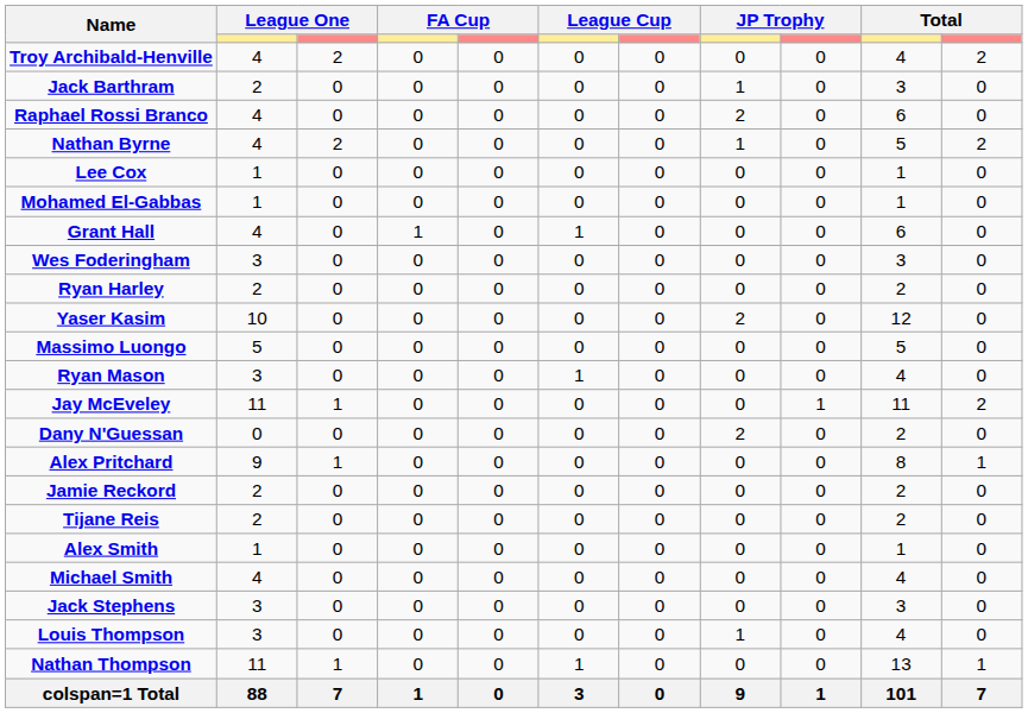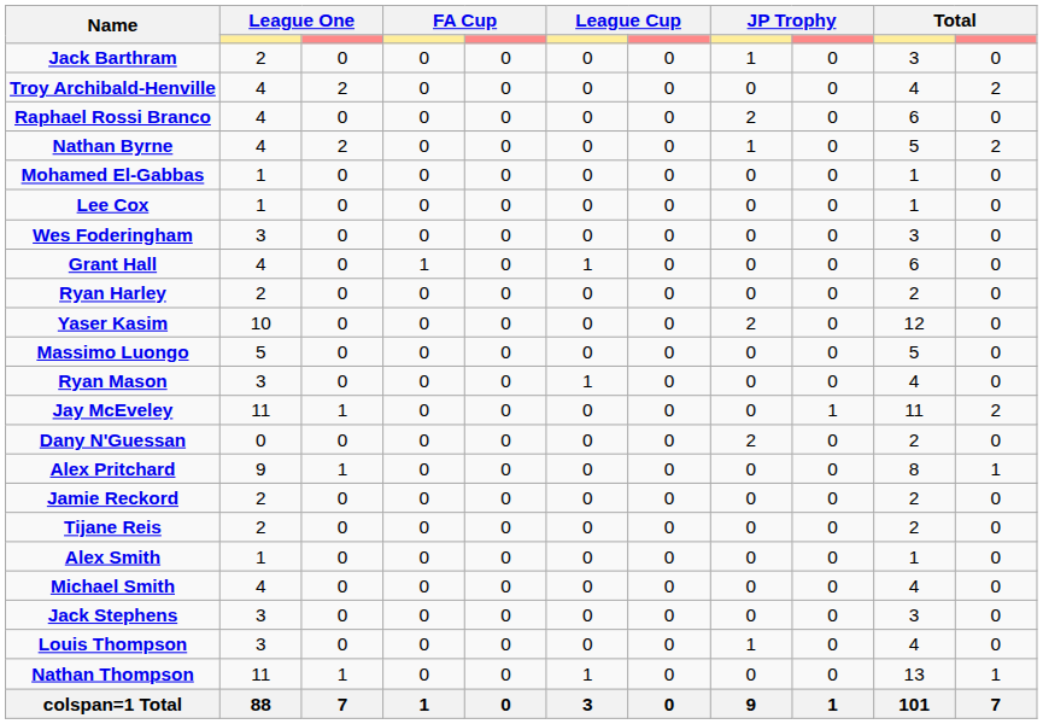 <table class="wikitable" style="font-size: 95%; text-align: center;">
 <tr>
 <th rowspan=2>Name</th>
 <th colspan=2><a href='#'>League One</a></th>
 <th colspan=2><a href='#'>FA Cup</a></th>
 <th colspan=2><a href='#'>League Cup</a></th>
 <th colspan=2><a href='#'>JP Trophy</a></th>
 <th colspan=2>Total</th>
 </tr>
 <tr>
 <th style="width:60px; background:#fe9;"></th>
 <th style="width:60px; background:#ff8888;"></th>
 <th style="width:60px; background:#fe9;"></th>
 <th style="width:60px; background:#ff8888;"></th>
 <th style="width:60px; background:#fe9;"></th>
 <th style="width:60px; background:#ff8888;"></th>
 <th style="width:60px; background:#fe9;"></th>
 <th style="width:60px; background:#ff8888;"></th>
 <th style="width:60px; background:#fe9;"></th>
 <th style="width:60px; background:#ff8888;"></th>
 </tr>
 <tr>
+<td><strong><a href='#'>Jack Barthram</a></strong></td>
+<td>2</td>
+<td>0</td>
+<td>0</td>
+<td>0</td>
+<td>0</td>
+<td>0</td>
+<td>1</td>
+<td>0</td>
+<td>3</td>
+<td>0</td>
+</tr>
+<tr>
 <td><strong><a href='#'>Troy Archibald-Henville</a></strong></td>
 <td>4</td>
 <td>2</td>
 <td>0</td>
 <td>0</td>
 <td>0</td>
 <td>0</td>
 <td>0</td>
 <td>0</td>
 <td>4</td>
 <td>2</td>
-</tr>
-<tr>
-<td><strong><a href='#'>Jack Barthram</a></strong></td>
-<td>2</td>
-<td>0</td>
-<td>0</td>
-<td>0</td>
-<td>0</td>
-<td>0</td>
-<td>1</td>
-<td>0</td>
-<td>3</td>
-<td>0</td>
 </tr>
 <tr>
 <td><strong><a href='#'>Raphael Rossi Branco</a></strong></td>
 <td>4</td>
 <td>0</td>
 <td>0</td>
 <td>0</td>
 <td>0</td>
 <td>0</td>
 <td>2</td>
 <td>0</td>
 <td>6</td>
 <td>0</td>
 </tr>
 <tr>
 <td><strong><a href='#'>Nathan Byrne</a></strong></td>
 <td>4</td>
 <td>2</td>
 <td>0</td>
 <td>0</td>
 <td>0</td>
 <td>0</td>
 <td>1</td>
 <td>0</td>
 <td>5</td>
 <td>2</td>
 </tr>
 <tr>
+<td><strong><a href='#'>Mohamed El-Gabbas</a></strong></td>
+<td>1</td>
+<td>0</td>
+<td>0</td>
+<td>0</td>
+<td>0</td>
+<td>0</td>
+<td>0</td>
+<td>0</td>
+<td>1</td>
+<td>0</td>
+</tr>
+<tr>
 <td><strong><a href='#'>Lee Cox</a></strong></td>
 <td>1</td>
 <td>0</td>
 <td>0</td>
 <td>0</td>
 <td>0</td>
 <td>0</td>
 <td>0</td>
 <td>0</td>
 <td>1</td>
 <td>0</td>
 </tr>
 <tr>
-<td><strong><a href='#'>Mohamed El-Gabbas</a></strong></td>
-<td>1</td>
+<td><strong><a href='#'>Wes Foderingham</a></strong></td>
+<td>3</td>
 <td>0</td>
 <td>0</td>
 <td>0</td>
 <td>0</td>
 <td>0</td>
 <td>0</td>
 <td>0</td>
-<td>1</td>
+<td>3</td>
 <td>0</td>
 </tr>
 <tr>
 <td><strong><a href='#'>Grant Hall</a></strong></td>
 <td>4</td>
 <td>0</td>
 <td>1</td>
 <td>0</td>
 <td>1</td>
 <td>0</td>
 <td>0</td>
 <td>0</td>
 <td>6</td>
-<td>0</td>
-</tr>
-<tr>
-<td><strong><a href='#'>Wes Foderingham</a></strong></td>
-<td>3</td>
-<td>0</td>
-<td>0</td>
-<td>0</td>
-<td>0</td>
-<td>0</td>
-<td>0</td>
-<td>0</td>
-<td>3</td>
 <td>0</td>
 </tr>
 <tr>
 <td><strong><a href='#'>Ryan Harley</a></strong></td>
 <td>2</td>
 <td>0</td>
 <td>0</td>
 <td>0</td>
 <td>0</td>
 <td>0</td>
 <td>0</td>
 <td>0</td>
 <td>2</td>
 <td>0</td>
 </tr>
 <tr>
 <td><strong><a href='#'>Yaser Kasim</a></strong></td>
 <td>10</td>
 <td>0</td>
 <td>0</td>
 <td>0</td>
 <td>0</td>
 <td>0</td>
 <td>2</td>
 <td>0</td>
 <td>12</td>
 <td>0</td>
 </tr>
 <tr>
 <td><strong><a href='#'>Massimo Luongo</a></strong></td>
 <td>5</td>
 <td>0</td>
 <td>0</td>
 <td>0</td>
 <td>0</td>
 <td>0</td>
 <td>0</td>
 <td>0</td>
 <td>5</td>
 <td>0</td>
 </tr>
 <tr>
 <td><strong><a href='#'>Ryan Mason</a></strong></td>
 <td>3</td>
 <td>0</td>
 <td>0</td>
 <td>0</td>
 <td>1</td>
 <td>0</td>
 <td>0</td>
 <td>0</td>
 <td>4</td>
 <td>0</td>
 </tr>
 <tr>
 <td><strong><a href='#'>Jay McEveley</a></strong></td>
 <td>11</td>
 <td>1</td>
 <td>0</td>
 <td>0</td>
 <td>0</td>
 <td>0</td>
 <td>0</td>
 <td>1</td>
 <td>11</td>
 <td>2</td>
 </tr>
 <tr>
 <td><strong><a href='#'>Dany N'Guessan</a></strong></td>
 <td>0</td>
 <td>0</td>
 <td>0</td>
 <td>0</td>
 <td>0</td>
 <td>0</td>
 <td>2</td>
 <td>0</td>
 <td>2</td>
 <td>0</td>
 </tr>
 <tr>
 <td><strong><a href='#'>Alex Pritchard</a></strong></td>
 <td>9</td>
 <td>1</td>
 <td>0</td>
 <td>0</td>
 <td>0</td>
 <td>0</td>
 <td>0</td>
 <td>0</td>
 <td>8</td>
 <td>1</td>
 </tr>
 <tr>
 <td><strong><a href='#'>Jamie Reckord</a></strong></td>
 <td>2</td>
 <td>0</td>
 <td>0</td>
 <td>0</td>
 <td>0</td>
 <td>0</td>
 <td>0</td>
 <td>0</td>
 <td>2</td>
 <td>0</td>
 </tr>
 <tr>
 <td><strong><a href='#'>Tijane Reis</a></strong></td>
 <td>2</td>
 <td>0</td>
 <td>0</td>
 <td>0</td>
 <td>0</td>
 <td>0</td>
 <td>0</td>
 <td>0</td>
 <td>2</td>
 <td>0</td>
 </tr>
 <tr>
 <td><strong><a href='#'>Alex Smith</a></strong></td>
 <td>1</td>
 <td>0</td>
 <td>0</td>
 <td>0</td>
 <td>0</td>
 <td>0</td>
 <td>0</td>
 <td>0</td>
 <td>1</td>
 <td>0</td>
 </tr>
 <tr>
 <td><strong><a href='#'>Michael Smith</a></strong></td>
 <td>4</td>
 <td>0</td>
 <td>0</td>
 <td>0</td>
 <td>0</td>
 <td>0</td>
 <td>0</td>
 <td>0</td>
 <td>4</td>
 <td>0</td>
 </tr>
 <tr>
 <td><strong><a href='#'>Jack Stephens</a></strong></td>
 <td>3</td>
 <td>0</td>
 <td>0</td>
 <td>0</td>
 <td>0</td>
 <td>0</td>
 <td>0</td>
 <td>0</td>
 <td>3</td>
 <td>0</td>
 </tr>
 <tr>
 <td><strong><a href='#'>Louis Thompson</a></strong></td>
 <td>3</td>
 <td>0</td>
 <td>0</td>
 <td>0</td>
 <td>0</td>
 <td>0</td>
 <td>1</td>
 <td>0</td>
 <td>4</td>
 <td>0</td>
 </tr>
 <tr>
 <td><strong><a href='#'>Nathan Thompson</a></strong></td>
 <td>11</td>
 <td>1</td>
 <td>0</td>
 <td>0</td>
 <td>1</td>
 <td>0</td>
 <td>0</td>
 <td>0</td>
 <td>13</td>
 <td>1</td>
 </tr>
 <tr>
 <th>colspan=1 Total</th>
 <th>88</th>
 <th>7</th>
 <th>1</th>
 <th>0</th>
 <th>3</th>
 <th>0</th>
 <th>9</th>
 <th>1</th>
 <th>101</th>
 <th>7</th>
 </tr>
 </table>
